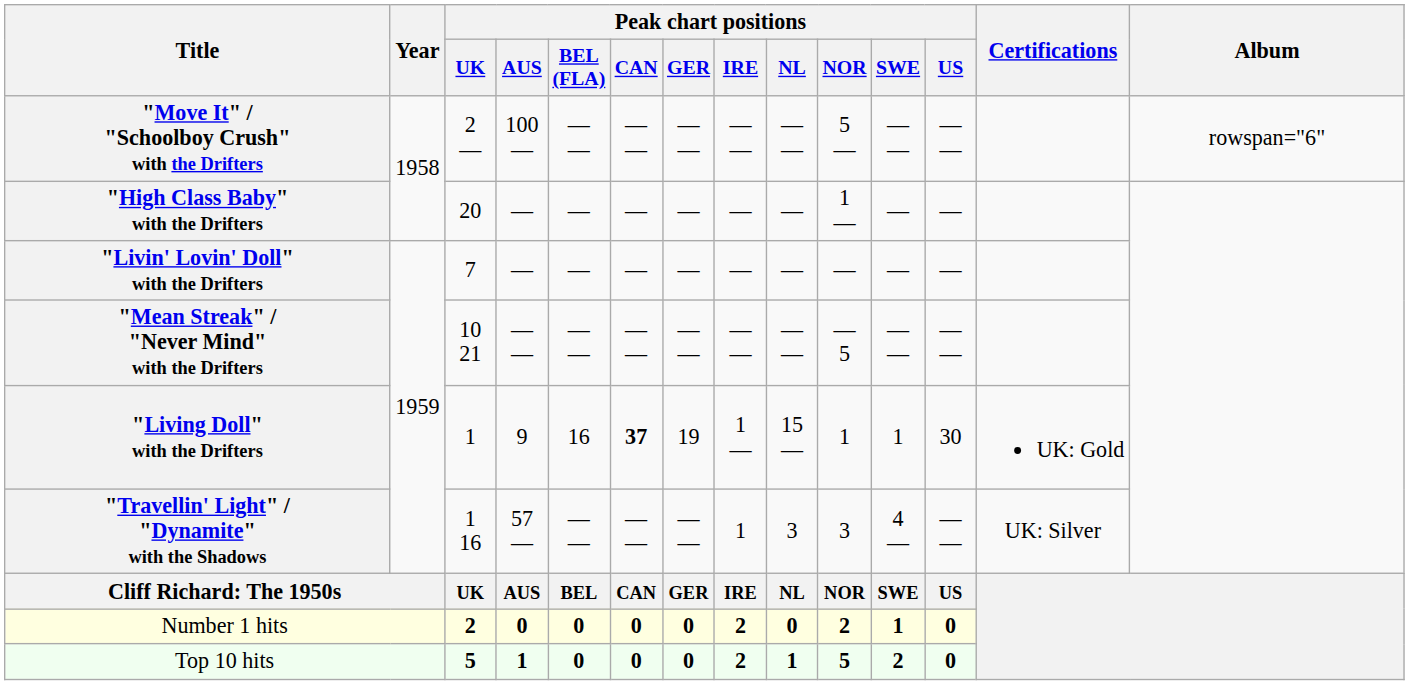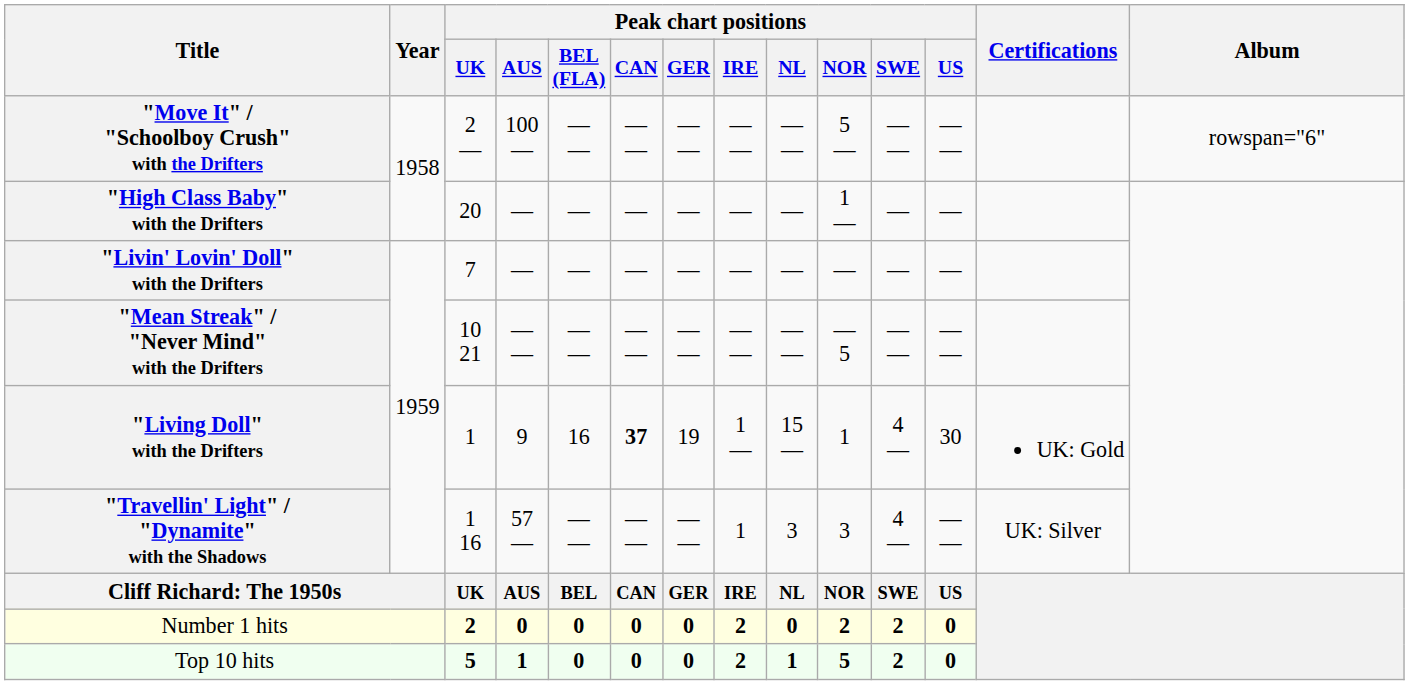 <table class="wikitable plainrowheaders" style="text-align:center;">
 <tr>
 <th rowspan="2" scope="col" style="width:17em;">Title</th>
 <th rowspan="2" scope="col" style="width:2em;">Year</th>
 <th colspan="10">Peak chart positions</th>
 <th rowspan="2"><a href='#'>Certifications</a> </th>
 <th rowspan="2" style="width:12em;">Album</th>
 </tr>
 <tr>
 <th scope="col" style="width:2em;font-size:90%;"><a href='#'>UK</a><br></th>
 <th scope="col" style="width:2em;font-size:90%;"><a href='#'>AUS</a><br></th>
 <th scope="col" style="width:2em;font-size:90%;"><a href='#'>BEL (FLA)</a><br></th>
 <th scope="col" style="width:2em;font-size:90%;"><a href='#'>CAN</a><br></th>
 <th scope="col" style="width:2em;font-size:90%;"><a href='#'>GER</a><br></th>
 <th scope="col" style="width:2em;font-size:90%;"><a href='#'>IRE</a><br></th>
 <th scope="col" style="width:2em;font-size:90%;"><a href='#'>NL</a><br></th>
 <th scope="col" style="width:2em;font-size:90%;"><a href='#'>NOR</a><br></th>
 <th scope="col" style="width:2em;font-size:90%;"><a href='#'>SWE</a><br></th>
 <th scope="col" style="width:2em;font-size:90%;"><a href='#'>US</a><br></th>
 </tr>
 <tr>
 <th scope="row">"<a href='#'>Move It</a>" /<br>"Schoolboy Crush" <br><small>with <a href='#'>the Drifters</a></small></th>
 <td rowspan="2">1958</td>
 <td>2<br>—</td>
 <td>100<br>—</td>
 <td>—<br>—</td>
 <td>—<br>—</td>
 <td>—<br>—</td>
 <td>—<br>—</td>
 <td>—<br>—</td>
 <td>5<br>—</td>
 <td>—<br>—</td>
 <td>—<br>—</td>
 <td></td>
 <td>rowspan="6" </td>
 </tr>
 <tr>
 <th scope="row">"<a href='#'>High Class Baby</a>"<br><small>with the Drifters</small></th>
 <td>20</td>
 <td>—</td>
 <td>—</td>
 <td>—</td>
 <td>—</td>
 <td>—</td>
 <td>—</td>
 <td>1<br>—</td>
 <td>—</td>
 <td>—</td>
 <td></td>
 </tr>
 <tr>
 <th scope="row">"<a href='#'>Livin' Lovin' Doll</a>"<br><small>with the Drifters</small></th>
 <td rowspan="4">1959</td>
 <td>7</td>
 <td>—</td>
 <td>—</td>
 <td>—</td>
 <td>—</td>
 <td>—</td>
 <td>—</td>
 <td>—</td>
 <td>—</td>
 <td>—</td>
 <td></td>
 </tr>
 <tr>
 <th scope="row">"<a href='#'>Mean Streak</a>" /<br>"Never Mind"<br><small>with the Drifters</small></th>
 <td>10<br>21</td>
 <td>—<br>—</td>
 <td>—<br>—</td>
 <td>—<br>—</td>
 <td>—<br>—</td>
 <td>—<br>—</td>
 <td>—<br>—</td>
 <td>—<br>5</td>
 <td>—<br>—</td>
 <td>—<br>—</td>
 <td></td>
 </tr>
 <tr>
 <th scope="row">"<a href='#'>Living Doll</a>"<br><small>with the Drifters</small></th>
 <td>1</td>
 <td>9</td>
 <td>16</td>
 <td><strong>37</strong></td>
 <td>19</td>
 <td>1<br>—</td>
 <td>15<br>—</td>
 <td>1</td>
-<td>1</td>
+<td>4<br>—</td>
 <td>30</td>
 <td><br><ul><li>UK: Gold</li></ul></td>
 </tr>
 <tr>
 <th scope="row">"<a href='#'>Travellin' Light</a>" /<br>"<a href='#'>Dynamite</a>"<br><small>with the Shadows</small></th>
 <td>1<br>16</td>
 <td>57<br>—</td>
 <td>—<br>—</td>
 <td>—<br>—</td>
 <td>—<br>—</td>
 <td>1</td>
 <td>3</td>
 <td>3</td>
 <td>4<br>—</td>
 <td>—<br>—</td>
 <td>UK: Silver</td>
 </tr>
 <tr>
 <th colspan="2" width="28">Cliff Richard: The 1950s</th>
 <th width="30"><small>UK</small></th>
 <th width="30"><small>AUS</small></th>
 <th width="30"><small>BEL</small></th>
 <th width="30"><small>CAN</small></th>
 <th width="30"><small>GER</small></th>
 <th width="30"><small>IRE</small></th>
 <th width="30"><small>NL</small></th>
 <th width="30"><small>NOR</small></th>
 <th width="30"><small>SWE</small></th>
 <th width="30"><small>US</small></th>
 <th colspan="2" rowspan="3"></th>
 </tr>
 <tr bgcolor="#FFFFE0">
 <td colspan="2" align="center" width="0">Number 1 hits</td>
 <td align="center"><strong>2</strong></td>
 <td align="center"><strong>0</strong></td>
 <td align="center"><strong>0</strong></td>
 <td align="center"><strong>0</strong></td>
 <td align="center"><strong>0</strong></td>
 <td align="center"><strong>2</strong></td>
 <td align="center"><strong>0</strong></td>
 <td align="center"><strong>2</strong></td>
-<td align="center"><strong>1</strong></td>
+<td align="center"><strong>2</strong></td>
 <td align="center"><strong>0</strong></td>
 </tr>
 <tr bgcolor="#F0FFF0">
 <td colspan="2" align="center" width="0">Top 10 hits</td>
 <td align="center"><strong>5</strong></td>
 <td align="center"><strong>1</strong></td>
 <td align="center"><strong>0</strong></td>
 <td align="center"><strong>0</strong></td>
 <td align="center"><strong>0</strong></td>
 <td align="center"><strong>2</strong></td>
 <td align="center"><strong>1</strong></td>
 <td align="center"><strong>5</strong></td>
 <td align="center"><strong>2</strong></td>
 <td align="center"><strong>0</strong></td>
 </tr>
 </table>
